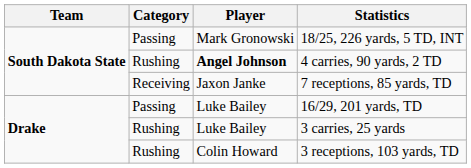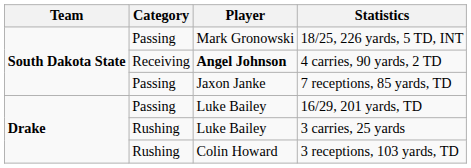 <table class="wikitable" style="float: left;">
 <tr>
 <th>Team</th>
 <th>Category</th>
 <th>Player</th>
 <th>Statistics</th>
 </tr>
 <tr>
 <td rowspan=3><strong>South Dakota State</strong></td>
 <td>Passing</td>
 <td>Mark Gronowski</td>
 <td>18/25, 226 yards, 5 TD, INT</td>
 </tr>
 <tr>
-<td>Rushing</td>
+<td>Receiving</td>
 <td><strong>Angel Johnson</strong></td>
 <td>4 carries, 90 yards, 2 TD</td>
 </tr>
 <tr>
-<td>Receiving</td>
+<td>Passing</td>
 <td>Jaxon Janke</td>
 <td>7 receptions, 85 yards, TD</td>
 </tr>
 <tr>
 <td rowspan=3><strong>Drake</strong></td>
 <td>Passing</td>
 <td>Luke Bailey</td>
 <td>16/29, 201 yards, TD</td>
 </tr>
 <tr>
 <td>Rushing</td>
 <td>Luke Bailey</td>
 <td>3 carries, 25 yards</td>
 </tr>
 <tr>
 <td>Rushing</td>
 <td>Colin Howard</td>
 <td>3 receptions, 103 yards, TD</td>
 </tr>
 </table>
